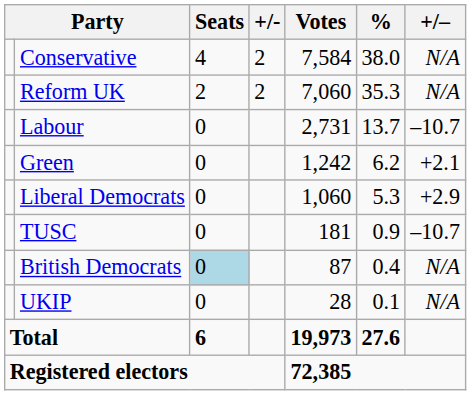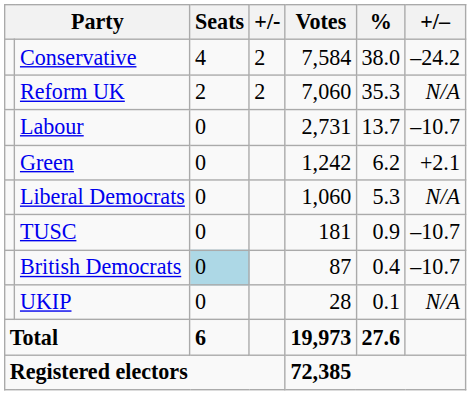 <table class="wikitable sortable">
 <tr>
 <th colspan="2">Party</th>
 <th>Seats</th>
 <th>+/-</th>
 <th>Votes</th>
 <th>%</th>
 <th>+/–</th>
 </tr>
 <tr>
 <td style="background-color: "></td>
 <td><a href='#'>Conservative</a></td>
 <td>4</td>
 <td> 2</td>
 <td style="text-align:right;">7,584</td>
 <td style="text-align:right;">38.0</td>
-<td style="text-align:right;"><em>N/A</em></td>
+<td style="text-align:right;">–24.2</td>
 </tr>
 <tr>
 <td style="background-color: "></td>
 <td><a href='#'>Reform UK</a></td>
 <td>2</td>
 <td> 2</td>
 <td style="text-align:right;">7,060</td>
 <td style="text-align:right;">35.3</td>
 <td style="text-align:right;"><em>N/A</em></td>
 </tr>
 <tr>
 <td style="background-color: "></td>
 <td><a href='#'>Labour</a></td>
 <td>0</td>
 <td></td>
 <td style="text-align:right;">2,731</td>
 <td style="text-align:right;">13.7</td>
 <td style="text-align:right;">–10.7</td>
 </tr>
 <tr>
 <td style="background-color: "></td>
 <td><a href='#'>Green</a></td>
 <td>0</td>
 <td></td>
 <td style="text-align:right;">1,242</td>
 <td style="text-align:right;">6.2</td>
 <td style="text-align:right;">+2.1</td>
 </tr>
 <tr>
 <td style="background-color: "></td>
 <td><a href='#'>Liberal Democrats</a></td>
 <td>0</td>
 <td></td>
 <td style="text-align:right;">1,060</td>
 <td style="text-align:right;">5.3</td>
-<td style="text-align:right;">+2.9</td>
+<td style="text-align:right;"><em>N/A</em></td>
 </tr>
 <tr>
 <td style="background-color: "></td>
 <td><a href='#'>TUSC</a></td>
 <td>0</td>
 <td></td>
 <td style="text-align:right;">181</td>
 <td style="text-align:right;">0.9</td>
 <td style="text-align:right;">–10.7</td>
 </tr>
 <tr>
 <td style="background-color: "></td>
 <td><a href='#'>British Democrats</a></td>
 <td style="background: lightblue;">0</td>
 <td></td>
 <td style="text-align:right;">87</td>
 <td style="text-align:right;">0.4</td>
-<td style="text-align:right;"><em>N/A</em></td>
+<td style="text-align:right;">–10.7</td>
 </tr>
 <tr>
 <td style="background-color: "></td>
 <td><a href='#'>UKIP</a></td>
 <td>0</td>
 <td></td>
 <td style="text-align:right;">28</td>
 <td style="text-align:right;">0.1</td>
 <td style="text-align:right;"><em>N/A</em></td>
 </tr>
 <tr>
 <td colspan="2"><strong>Total</strong></td>
 <td><strong>6</strong></td>
 <td></td>
 <td style="text-align:right;"><strong>19,973</strong></td>
 <td style="text-align:right;"><strong>27.6</strong></td>
 <td style="text-align:right;"></td>
 </tr>
 <tr>
 <td colspan="4"><strong>Registered electors</strong></td>
 <td colspan="3" style="text-align:left;"><strong>72,385</strong></td>
 </tr>
 </table>
